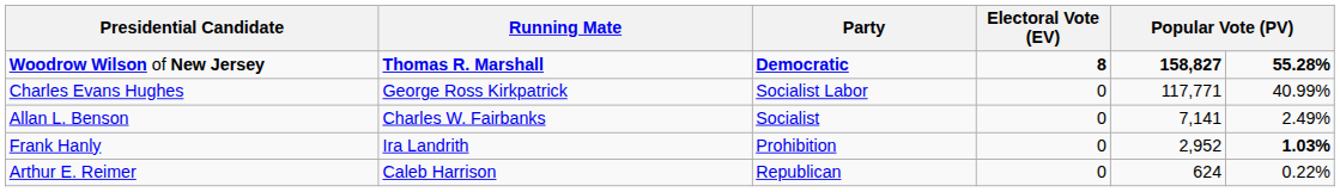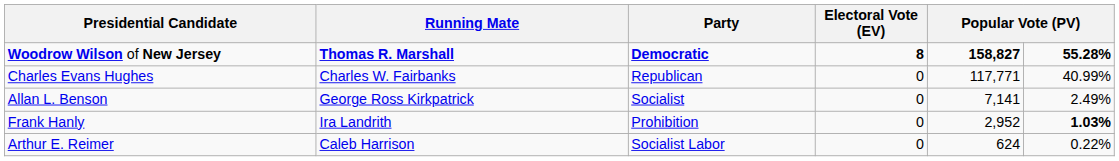 <table class="wikitable">
 <tr>
 <th width="25%">Presidential Candidate</th>
 <th width="25%"><a href='#'>Running Mate</a></th>
 <th width="15%">Party</th>
 <th width="9%">Electoral Vote (EV)</th>
 <th colspan="2" width="15%">Popular Vote (PV)</th>
 </tr>
 <tr>
 <td><strong><a href='#'>Woodrow Wilson</a></strong> of <strong>New Jersey</strong></td>
 <td><strong><a href='#'>Thomas R. Marshall</a></strong></td>
 <td><strong><a href='#'>Democratic</a></strong></td>
 <td align="right"><strong>8</strong></td>
 <td align="right"><strong>158,827</strong></td>
 <td align="right"><strong>55.28%</strong></td>
 </tr>
 <tr>
 <td><a href='#'>Charles Evans Hughes</a></td>
-<td><a href='#'>George Ross Kirkpatrick</a></td>
-<td><a href='#'>Socialist Labor</a></td>
+<td><a href='#'>Charles W. Fairbanks</a></td>
+<td><a href='#'>Republican</a></td>
 <td align="right">0</td>
 <td align="right">117,771</td>
 <td align="right">40.99%</td>
 </tr>
 <tr>
 <td><a href='#'>Allan L. Benson</a></td>
-<td><a href='#'>Charles W. Fairbanks</a></td>
+<td><a href='#'>George Ross Kirkpatrick</a></td>
 <td><a href='#'>Socialist</a></td>
 <td align="right">0</td>
 <td align="right">7,141</td>
 <td align="right">2.49%</td>
 </tr>
 <tr>
 <td><a href='#'>Frank Hanly</a></td>
 <td><a href='#'>Ira Landrith</a></td>
 <td><a href='#'>Prohibition</a></td>
 <td align="right">0</td>
 <td align="right">2,952</td>
 <td align="right"><strong>1.03%</strong></td>
 </tr>
 <tr>
 <td><a href='#'>Arthur E. Reimer</a></td>
 <td><a href='#'>Caleb Harrison</a></td>
-<td><a href='#'>Republican</a></td>
+<td><a href='#'>Socialist Labor</a></td>
 <td align="right">0</td>
 <td align="right">624</td>
 <td align="right">0.22%</td>
 </tr>
 </table>
